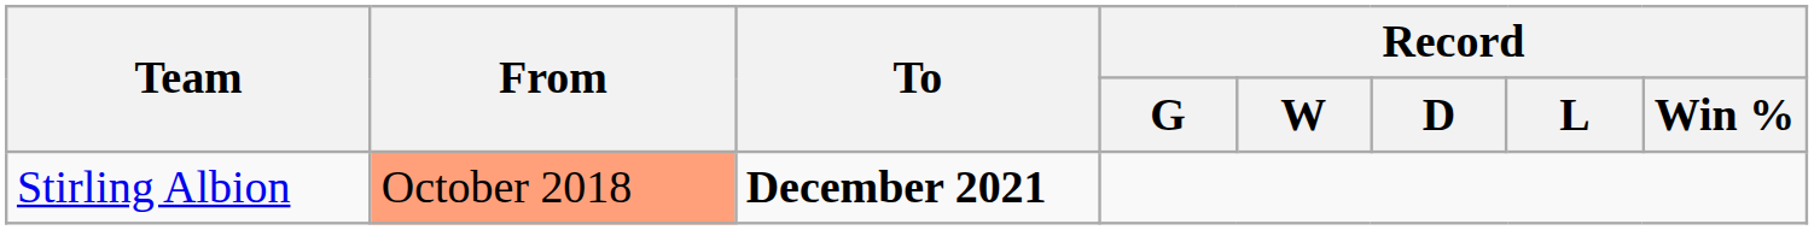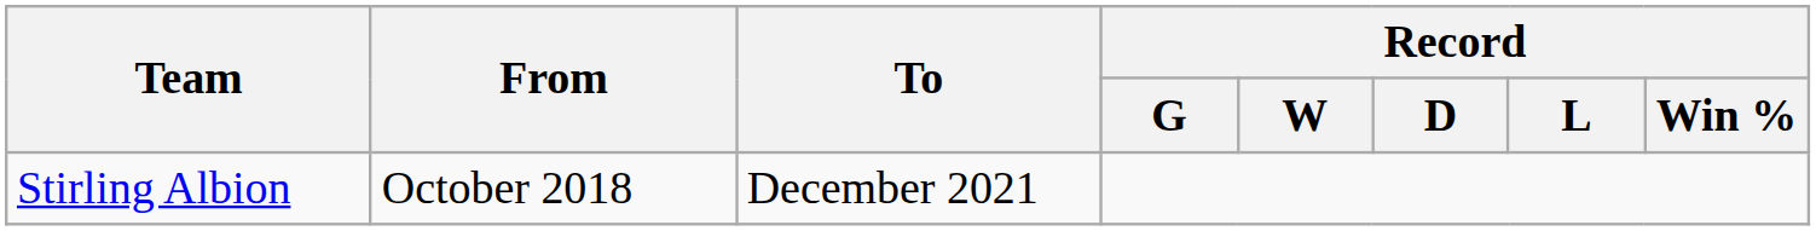 <table class="wikitable" style="text-align: center">
 <tr>
 <th rowspan=2! width=120>Team</th>
 <th rowspan=2! width=120>From</th>
 <th rowspan=2! width=120>To</th>
 <th colspan="5">Record</th>
 </tr>
 <tr>
 <th width=40>G</th>
 <th width=40>W</th>
 <th width=40>D</th>
 <th width=40>L</th>
 <th width=50>Win %</th>
 </tr>
 <tr>
 <td align=left><a href='#'>Stirling Albion</a></td>
-<td align=left style="background: lightsalmon;">October 2018</td>
-<td align=left><strong>December 2021<br></strong></td>
+<td align=left>October 2018</td>
+<td align=left>December 2021<br></td>
 </tr>
 </table>
